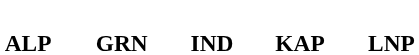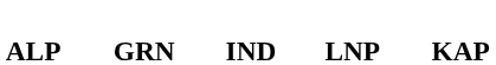 <table style="width:50%; text-align:center;">
 <tr style="color:white;">
 <td style="color:white; background:"><strong>36</strong></td>
 <td style="background:"><strong>1</strong></td>
 <td style="background:"><strong>1</strong></td>
+<td style="background:"><strong>52</strong></td>
 <td style="background:"><strong>3</strong></td>
-<td style="background:"><strong>52</strong></td>
 </tr>
 <tr>
 <td style="color:"><strong>ALP</strong></td>
 <td><span><strong>GRN</strong></span></td>
 <td style="color: black;"><strong>IND</strong></td>
+<td><span><strong>LNP</strong></span></td>
 <td style="color:"><strong>KAP</strong></td>
-<td><span><strong>LNP</strong></span></td>
 </tr>
 </table>
